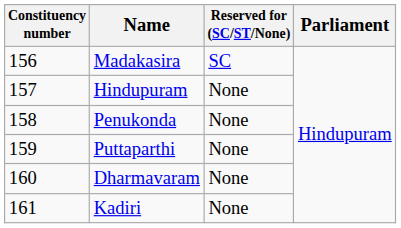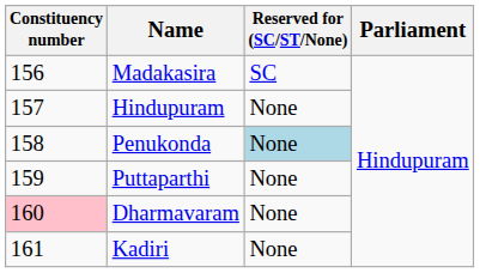 <table class="wikitable sortable">
 <tr>
 <th width="50px" style="font-size:75%">Constituency number</th>
 <th>Name</th>
 <th style="font-size:75%">Reserved for<br>(<a href='#'>SC</a>/<a href='#'>ST</a>/None)</th>
 <th>Parliament</th>
 </tr>
 <tr>
 <td>156</td>
 <td><a href='#'>Madakasira</a></td>
 <td><a href='#'>SC</a></td>
 <td rowspan="6"><a href='#'>Hindupuram</a></td>
 </tr>
 <tr>
 <td>157</td>
 <td><a href='#'>Hindupuram</a></td>
 <td>None</td>
 </tr>
 <tr>
 <td>158</td>
 <td><a href='#'>Penukonda</a></td>
-<td>None</td>
+<td style="background: lightblue;">None</td>
 </tr>
 <tr>
 <td>159</td>
 <td><a href='#'>Puttaparthi</a></td>
 <td>None</td>
 </tr>
 <tr>
-<td>160</td>
+<td style="background: pink;">160</td>
 <td><a href='#'>Dharmavaram</a></td>
 <td>None</td>
 </tr>
 <tr>
 <td>161</td>
 <td><a href='#'>Kadiri</a></td>
 <td>None</td>
 </tr>
 </table>
